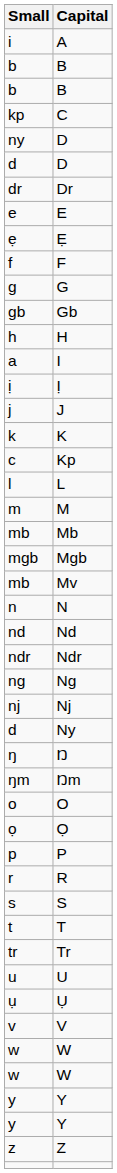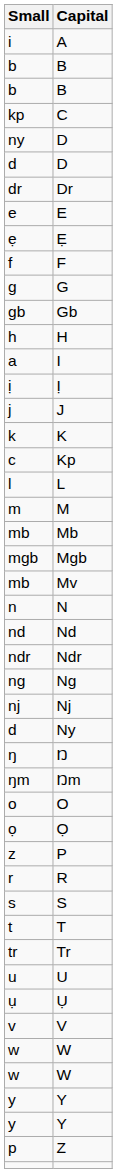 <table class="wikitable">
 <tr>
 <th>Small</th>
 <th>Capital</th>
 </tr>
 <tr>
 <td>i</td>
 <td>A</td>
 </tr>
 <tr>
 <td>b</td>
 <td>B</td>
 </tr>
 <tr>
 <td>b</td>
 <td>B</td>
 </tr>
 <tr>
 <td>kp</td>
 <td>C</td>
 </tr>
 <tr>
 <td>ny</td>
 <td>D</td>
 </tr>
 <tr>
 <td>d</td>
 <td>D</td>
 </tr>
 <tr>
 <td>dr</td>
 <td>Dr</td>
 </tr>
 <tr>
 <td>e</td>
 <td>E</td>
 </tr>
 <tr>
 <td>ẹ</td>
 <td>Ẹ</td>
 </tr>
 <tr>
 <td>f</td>
 <td>F</td>
 </tr>
 <tr>
 <td>g</td>
 <td>G</td>
 </tr>
 <tr>
 <td>gb</td>
 <td>Gb</td>
 </tr>
 <tr>
 <td>h</td>
 <td>H</td>
 </tr>
 <tr>
 <td>a</td>
 <td>I</td>
 </tr>
 <tr>
 <td>ị</td>
 <td>Ị</td>
 </tr>
 <tr>
 <td>j</td>
 <td>J</td>
 </tr>
 <tr>
 <td>k</td>
 <td>K</td>
 </tr>
 <tr>
 <td>c</td>
 <td>Kp</td>
 </tr>
 <tr>
 <td>l</td>
 <td>L</td>
 </tr>
 <tr>
 <td>m</td>
 <td>M</td>
 </tr>
 <tr>
 <td>mb</td>
 <td>Mb</td>
 </tr>
 <tr>
 <td>mgb</td>
 <td>Mgb</td>
 </tr>
 <tr>
 <td>mb</td>
 <td>Mv</td>
 </tr>
 <tr>
 <td>n</td>
 <td>N</td>
 </tr>
 <tr>
 <td>nd</td>
 <td>Nd</td>
 </tr>
 <tr>
 <td>ndr</td>
 <td>Ndr</td>
 </tr>
 <tr>
 <td>ng</td>
 <td>Ng</td>
 </tr>
 <tr>
 <td>nj</td>
 <td>Nj</td>
 </tr>
 <tr>
 <td>d</td>
 <td>Ny</td>
 </tr>
 <tr>
 <td>ŋ</td>
 <td>Ŋ</td>
 </tr>
 <tr>
 <td>ŋm</td>
 <td>Ŋm</td>
 </tr>
 <tr>
 <td>o</td>
 <td>O</td>
 </tr>
 <tr>
 <td>ọ</td>
 <td>Ọ</td>
 </tr>
 <tr>
-<td>p</td>
+<td>z</td>
 <td>P</td>
 </tr>
 <tr>
 <td>r</td>
 <td>R</td>
 </tr>
 <tr>
 <td>s</td>
 <td>S</td>
 </tr>
 <tr>
 <td>t</td>
 <td>T</td>
 </tr>
 <tr>
 <td>tr</td>
 <td>Tr</td>
 </tr>
 <tr>
 <td>u</td>
 <td>U</td>
 </tr>
 <tr>
 <td>ụ</td>
 <td>Ụ</td>
 </tr>
 <tr>
 <td>v</td>
 <td>V</td>
 </tr>
 <tr>
 <td>w</td>
 <td>W</td>
 </tr>
 <tr>
 <td>w</td>
 <td>W</td>
 </tr>
 <tr>
 <td>y</td>
 <td>Y</td>
 </tr>
 <tr>
 <td>y</td>
 <td>Y</td>
 </tr>
 <tr>
-<td>z</td>
+<td>p</td>
 <td>Z</td>
 </tr>
 <tr>
 <td></td>
 <td></td>
 </tr>
 </table>
